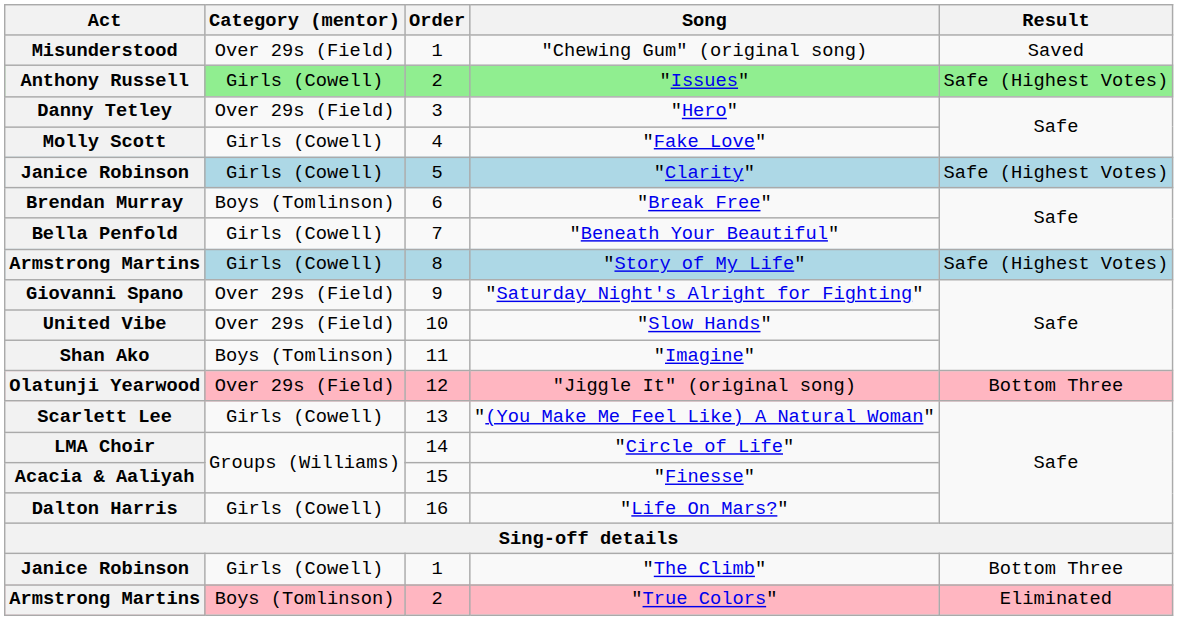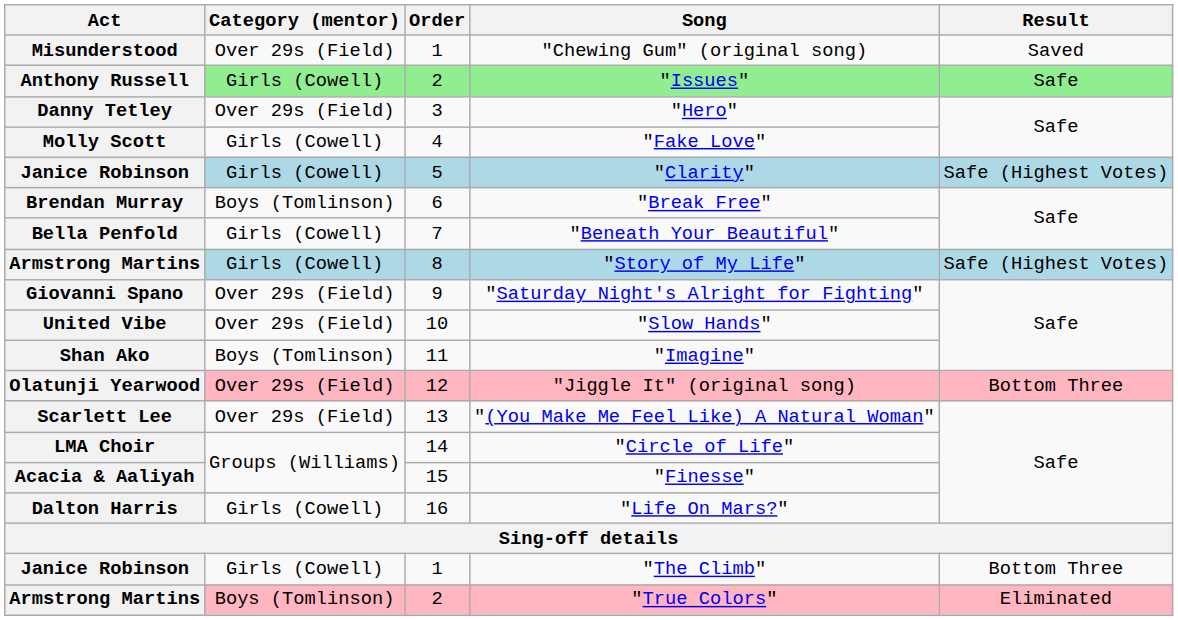 <table class="wikitable plainrowheaders" style="text-align:center;">
 <tr>
 <th scope="col">Act</th>
 <th scope="col">Category (mentor)</th>
 <th scope="col">Order</th>
 <th scope="col">Song</th>
 <th scope="col">Result</th>
 </tr>
 <tr>
 <th scope="row">Misunderstood</th>
 <td>Over 29s (Field)</td>
 <td>1</td>
 <td>"Chewing Gum" (original song)</td>
 <td>Saved</td>
 </tr>
 <tr style="background:lightgreen;">
 <th scope="row">Anthony Russell</th>
 <td>Girls (Cowell)</td>
 <td>2</td>
 <td>"<a href='#'>Issues</a>"</td>
-<td>Safe (Highest Votes)</td>
+<td>Safe</td>
 </tr>
 <tr>
 <th scope="row">Danny Tetley</th>
 <td>Over 29s (Field)</td>
 <td>3</td>
 <td>"<a href='#'>Hero</a>"</td>
 <td rowspan=2>Safe</td>
 </tr>
 <tr>
 <th scope="row">Molly Scott</th>
 <td>Girls (Cowell)</td>
 <td>4</td>
 <td>"<a href='#'>Fake Love</a>"</td>
 </tr>
 <tr style="background:lightblue;">
 <th scope="row">Janice Robinson</th>
 <td>Girls (Cowell)</td>
 <td>5</td>
 <td>"<a href='#'>Clarity</a>"</td>
 <td>Safe (Highest Votes)</td>
 </tr>
 <tr>
 <th scope="row">Brendan Murray</th>
 <td>Boys (Tomlinson)</td>
 <td>6</td>
 <td>"<a href='#'>Break Free</a>"</td>
 <td rowspan=2>Safe</td>
 </tr>
 <tr>
 <th scope="row">Bella Penfold</th>
 <td>Girls (Cowell)</td>
 <td>7</td>
 <td>"<a href='#'>Beneath Your Beautiful</a>"</td>
 </tr>
 <tr style="background:lightblue;">
 <th scope="row">Armstrong Martins</th>
 <td>Girls (Cowell)</td>
 <td>8</td>
 <td>"<a href='#'>Story of My Life</a>"</td>
 <td>Safe (Highest Votes)</td>
 </tr>
 <tr>
 <th scope="row">Giovanni Spano</th>
 <td>Over 29s (Field)</td>
 <td>9</td>
 <td>"<a href='#'>Saturday Night's Alright for Fighting</a>"</td>
 <td rowspan=3>Safe</td>
 </tr>
 <tr>
 <th scope="row">United Vibe</th>
 <td>Over 29s (Field)</td>
 <td>10</td>
 <td>"<a href='#'>Slow Hands</a>"</td>
 </tr>
 <tr>
 <th scope="row">Shan Ako</th>
 <td>Boys (Tomlinson)</td>
 <td>11</td>
 <td>"<a href='#'>Imagine</a>"</td>
 </tr>
 <tr style="background:lightpink;">
 <th scope="row">Olatunji Yearwood</th>
 <td>Over 29s (Field)</td>
 <td>12</td>
 <td>"Jiggle It" (original song)</td>
 <td>Bottom Three</td>
 </tr>
 <tr>
 <th scope="row">Scarlett Lee</th>
-<td>Girls (Cowell)</td>
+<td>Over 29s (Field)</td>
 <td>13</td>
 <td>"<a href='#'>(You Make Me Feel Like) A Natural Woman</a>"</td>
 <td rowspan=4>Safe</td>
 </tr>
 <tr>
 <th scope="row">LMA Choir</th>
 <td rowspan="2">Groups (Williams)</td>
 <td>14</td>
 <td>"<a href='#'>Circle of Life</a>"</td>
 </tr>
 <tr>
 <th scope="row">Acacia & Aaliyah</th>
 <td>15</td>
 <td>"<a href='#'>Finesse</a>"</td>
 </tr>
 <tr>
 <th scope="row">Dalton Harris</th>
 <td>Girls (Cowell)</td>
 <td>16</td>
 <td>"<a href='#'>Life On Mars?</a>"</td>
 </tr>
 <tr>
 <th colspan="5">Sing-off details</th>
 </tr>
 <tr>
 <th scope="row">Janice Robinson</th>
 <td>Girls (Cowell)</td>
 <td>1</td>
 <td>"<a href='#'>The Climb</a>"</td>
 <td>Bottom Three</td>
 </tr>
 <tr style="background:lightpink;">
 <th scope="row">Armstrong Martins</th>
 <td>Boys (Tomlinson)</td>
 <td>2</td>
 <td>"<a href='#'>True Colors</a>"</td>
 <td>Eliminated</td>
 </tr>
 </table>
